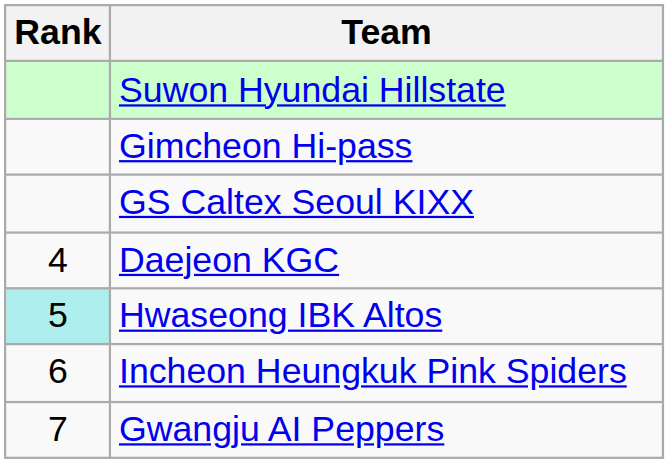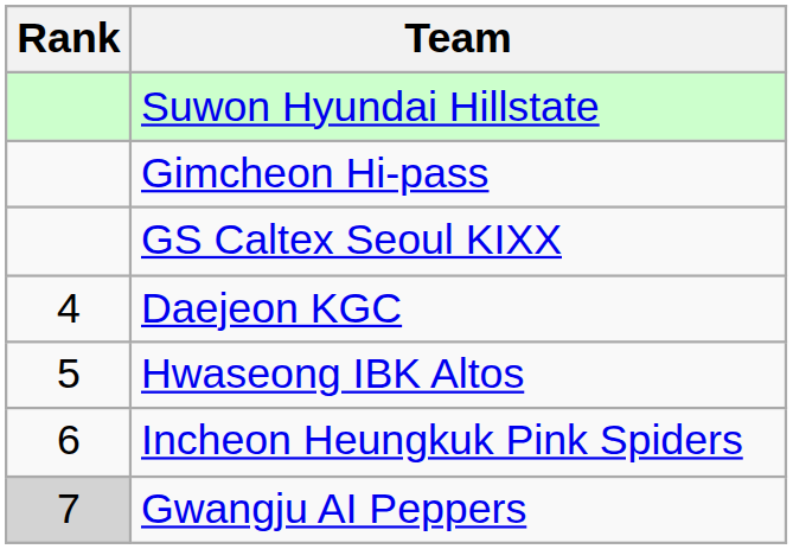 <table class="wikitable" style="text-align: center;">
 <tr>
 <th width=40>Rank</th>
 <th width=240>Team</th>
 </tr>
 <tr bgcolor=#ccffcc>
 <td></td>
 <td align=left><a href='#'> Suwon Hyundai Hillstate</a></td>
 </tr>
 <tr>
 <td></td>
 <td align=left><a href='#'>Gimcheon Hi-pass</a></td>
 </tr>
 <tr>
 <td></td>
 <td align=left><a href='#'>GS Caltex Seoul KIXX</a></td>
 </tr>
 <tr>
 <td>4</td>
 <td align=left><a href='#'>Daejeon KGC</a></td>
 </tr>
 <tr>
-<td style="background: paleturquoise;">5</td>
+<td>5</td>
 <td align=left><a href='#'>Hwaseong IBK Altos</a></td>
 </tr>
 <tr>
 <td>6</td>
 <td align=left><a href='#'>Incheon Heungkuk Pink Spiders</a></td>
 </tr>
 <tr>
-<td>7</td>
+<td style="background: lightgrey;">7</td>
 <td align=left><a href='#'>Gwangju AI Peppers</a></td>
 </tr>
 </table>
